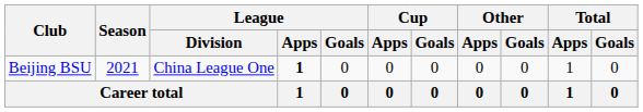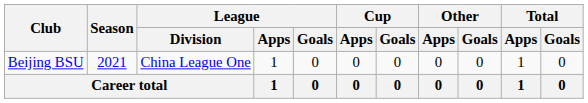 <table class="wikitable" style="text-align: center">
 <tr>
 <th rowspan="2">Club</th>
 <th rowspan="2">Season</th>
 <th colspan="3">League</th>
 <th colspan="2">Cup</th>
 <th colspan="2">Other</th>
 <th colspan="2">Total</th>
 </tr>
 <tr>
 <th>Division</th>
 <th>Apps</th>
 <th>Goals</th>
 <th>Apps</th>
 <th>Goals</th>
 <th>Apps</th>
 <th>Goals</th>
 <th>Apps</th>
 <th>Goals</th>
 </tr>
 <tr>
 <td><a href='#'>Beijing BSU</a></td>
 <td><a href='#'>2021</a></td>
 <td><a href='#'>China League One</a></td>
-<td><strong>1</strong></td>
+<td>1</td>
 <td>0</td>
 <td>0</td>
 <td>0</td>
 <td>0</td>
 <td>0</td>
 <td>1</td>
 <td>0</td>
 </tr>
 <tr>
 <th colspan=3>Career total</th>
 <th>1</th>
 <th>0</th>
 <th>0</th>
 <th>0</th>
 <th>0</th>
 <th>0</th>
 <th>1</th>
 <th>0</th>
 </tr>
 </table>
